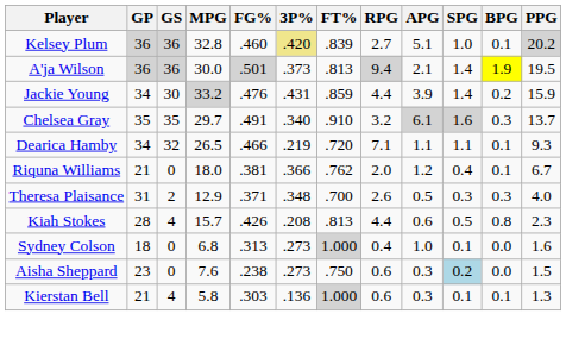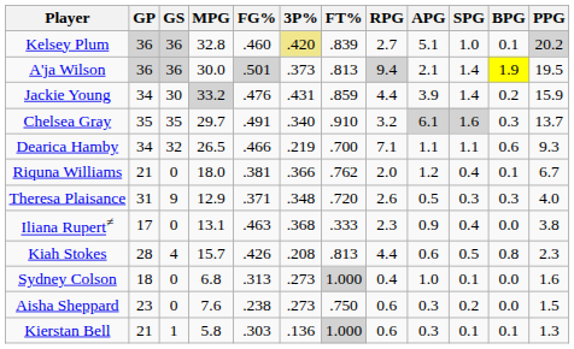 <table class="wikitable sortable" style="text-align:center">
 <tr>
 <th>Player</th>
 <th>GP</th>
 <th>GS</th>
 <th>MPG</th>
 <th>FG%</th>
 <th>3P%</th>
 <th>FT%</th>
 <th>RPG</th>
 <th>APG</th>
 <th>SPG</th>
 <th>BPG</th>
 <th>PPG</th>
 </tr>
 <tr>
 <td><a href='#'>Kelsey Plum</a></td>
 <td style="background:#D3D3D3;">36</td>
 <td style="background:#D3D3D3;">36</td>
 <td>32.8</td>
 <td>.460</td>
 <td style="background: khaki;">.420</td>
 <td>.839</td>
 <td>2.7</td>
 <td>5.1</td>
 <td>1.0</td>
 <td>0.1</td>
 <td style="background:#D3D3D3;">20.2</td>
 </tr>
 <tr>
 <td><a href='#'>A'ja Wilson</a></td>
 <td style="background:#D3D3D3;">36</td>
 <td style="background:#D3D3D3;">36</td>
 <td>30.0</td>
 <td style="background:#D3D3D3;">.501</td>
 <td>.373</td>
 <td>.813</td>
 <td style="background:#D3D3D3;">9.4</td>
 <td>2.1</td>
 <td>1.4</td>
 <td style="background:yellow;">1.9</td>
 <td>19.5</td>
 </tr>
 <tr>
 <td><a href='#'>Jackie Young</a></td>
 <td>34</td>
 <td>30</td>
 <td style="background:#D3D3D3;">33.2</td>
 <td>.476</td>
 <td>.431</td>
 <td>.859</td>
 <td>4.4</td>
 <td>3.9</td>
 <td>1.4</td>
 <td>0.2</td>
 <td>15.9</td>
 </tr>
 <tr>
 <td><a href='#'>Chelsea Gray</a></td>
 <td>35</td>
 <td>35</td>
 <td>29.7</td>
 <td>.491</td>
 <td>.340</td>
 <td>.910</td>
 <td>3.2</td>
 <td style="background:#D3D3D3;">6.1</td>
 <td style="background:#D3D3D3;">1.6</td>
 <td>0.3</td>
 <td>13.7</td>
 </tr>
 <tr>
 <td><a href='#'>Dearica Hamby</a></td>
 <td>34</td>
 <td>32</td>
 <td>26.5</td>
 <td>.466</td>
 <td>.219</td>
-<td>.720</td>
+<td>.700</td>
 <td>7.1</td>
 <td>1.1</td>
 <td>1.1</td>
-<td>0.1</td>
+<td>0.6</td>
 <td>9.3</td>
 </tr>
 <tr>
 <td><a href='#'>Riquna Williams</a></td>
 <td>21</td>
 <td>0</td>
 <td>18.0</td>
 <td>.381</td>
 <td>.366</td>
 <td>.762</td>
 <td>2.0</td>
 <td>1.2</td>
 <td>0.4</td>
 <td>0.1</td>
 <td>6.7</td>
 </tr>
 <tr>
 <td><a href='#'>Theresa Plaisance</a></td>
 <td>31</td>
-<td>2</td>
+<td>9</td>
 <td>12.9</td>
 <td>.371</td>
 <td>.348</td>
-<td>.700</td>
+<td>.720</td>
 <td>2.6</td>
 <td>0.5</td>
 <td>0.3</td>
 <td>0.3</td>
 <td>4.0</td>
+</tr>
+<tr>
+<td><a href='#'>Iliana Rupert</a><sup>≠</sup></td>
+<td>17</td>
+<td>0</td>
+<td>13.1</td>
+<td>.463</td>
+<td>.368</td>
+<td>.333</td>
+<td>2.3</td>
+<td>0.9</td>
+<td>0.4</td>
+<td>0.0</td>
+<td>3.8</td>
 </tr>
 <tr>
 <td><a href='#'>Kiah Stokes</a></td>
 <td>28</td>
 <td>4</td>
 <td>15.7</td>
 <td>.426</td>
 <td>.208</td>
 <td>.813</td>
 <td>4.4</td>
 <td>0.6</td>
 <td>0.5</td>
 <td>0.8</td>
 <td>2.3</td>
 </tr>
 <tr>
 <td><a href='#'>Sydney Colson</a></td>
 <td>18</td>
 <td>0</td>
 <td>6.8</td>
 <td>.313</td>
 <td>.273</td>
 <td style="background:#D3D3D3;">1.000</td>
 <td>0.4</td>
 <td>1.0</td>
 <td>0.1</td>
 <td>0.0</td>
 <td>1.6</td>
 </tr>
 <tr>
 <td><a href='#'>Aisha Sheppard</a></td>
 <td>23</td>
 <td>0</td>
 <td>7.6</td>
 <td>.238</td>
 <td>.273</td>
 <td>.750</td>
 <td>0.6</td>
 <td>0.3</td>
-<td style="background: lightblue;">0.2</td>
+<td>0.2</td>
 <td>0.0</td>
 <td>1.5</td>
 </tr>
 <tr>
 <td><a href='#'>Kierstan Bell</a></td>
 <td>21</td>
-<td>4</td>
+<td>1</td>
 <td>5.8</td>
 <td>.303</td>
 <td>.136</td>
 <td style="background:#D3D3D3;">1.000</td>
 <td>0.6</td>
 <td>0.3</td>
 <td>0.1</td>
 <td>0.1</td>
 <td>1.3</td>
 </tr>
 </table>
